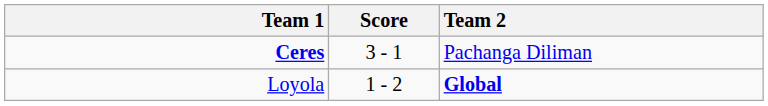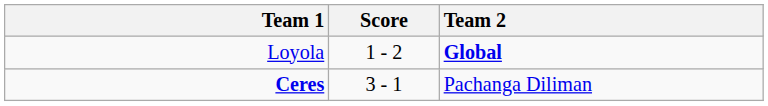 <table class="wikitable" style="align:center">
 <tr>
 <th width=250 style="text-align:right">Team 1</th>
 <th width=80 style="text-align:center">Score</th>
 <th width=250 style="text-align:left">Team 2</th>
 </tr>
 <tr>
+<td align="right"><a href='#'>Loyola</a></td>
+<td align="center">1 - 2</td>
+<td><strong><a href='#'>Global</a></strong></td>
+</tr>
+<tr>
 <td align="right"><strong><a href='#'>Ceres</a></strong></td>
 <td align="center">3 - 1</td>
 <td><a href='#'>Pachanga Diliman</a></td>
 </tr>
-<tr>
-<td align="right"><a href='#'>Loyola</a></td>
-<td align="center">1 - 2</td>
-<td><strong><a href='#'>Global</a></strong></td>
-</tr>
 </table>
